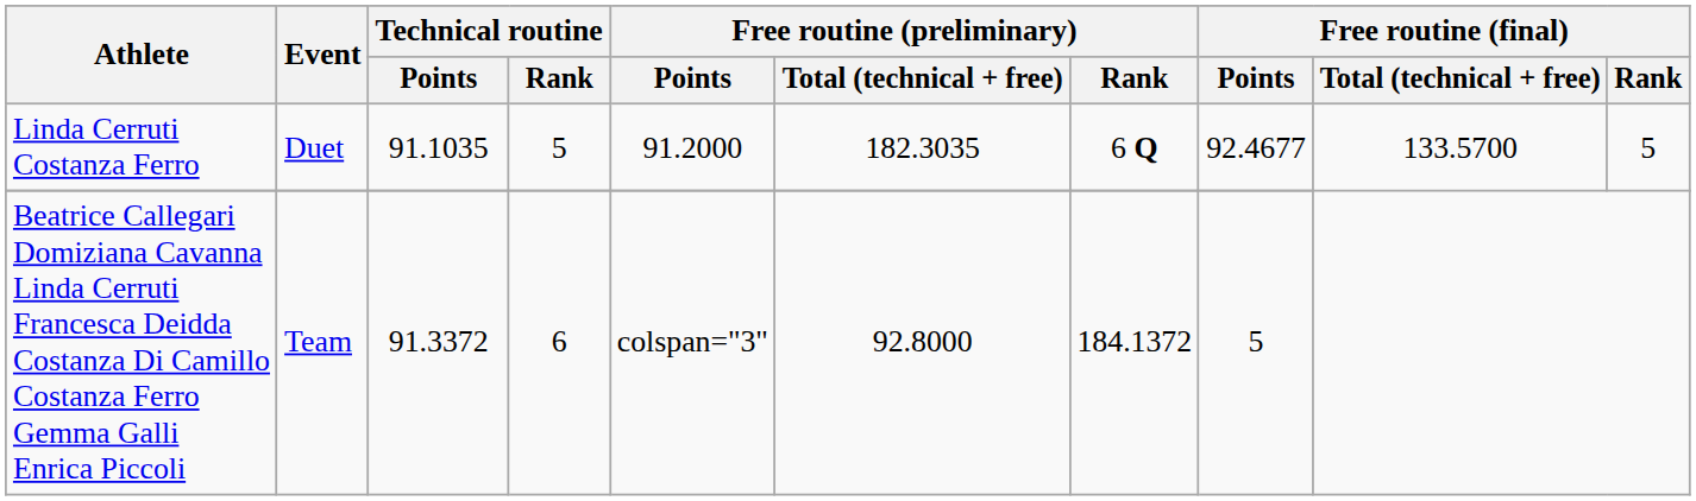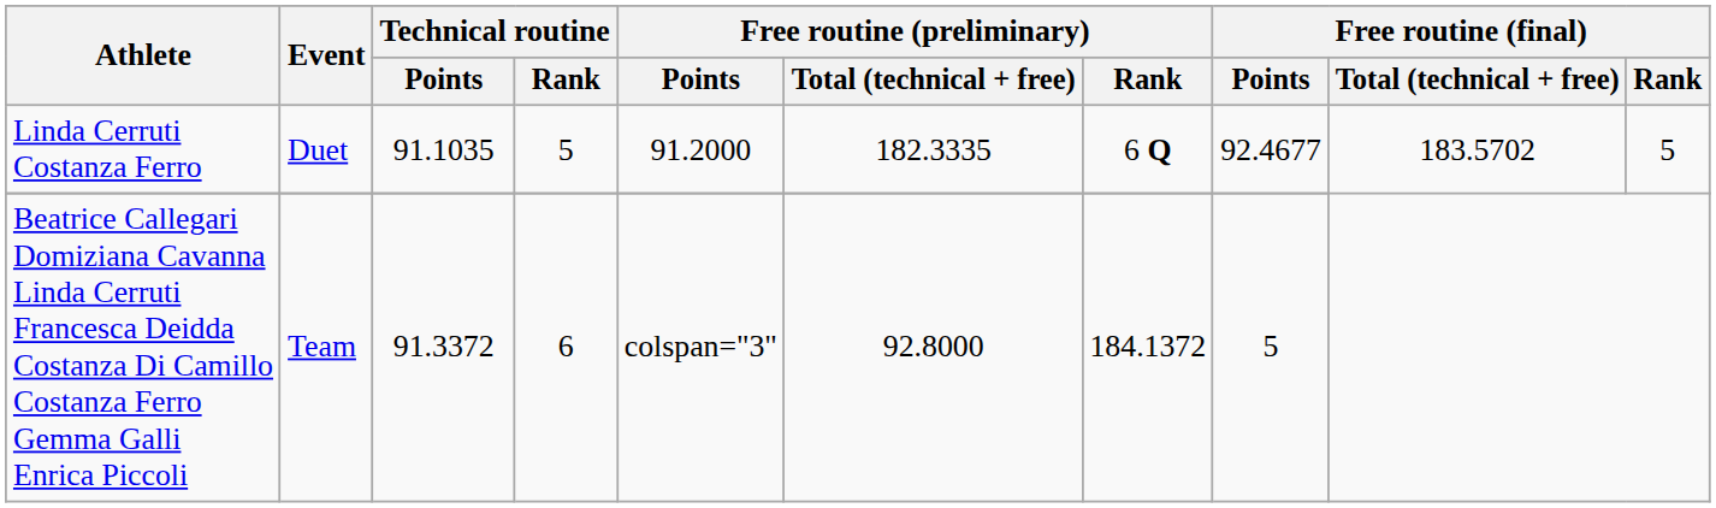 <table class="wikitable" style="font-size:90%">
 <tr>
 <th rowspan="2">Athlete</th>
 <th rowspan="2">Event</th>
 <th colspan=2>Technical routine</th>
 <th colspan=3>Free routine (preliminary)</th>
 <th colspan=3>Free routine (final)</th>
 </tr>
 <tr style="font-size:95%">
 <th>Points</th>
 <th>Rank</th>
 <th>Points</th>
 <th>Total (technical + free)</th>
 <th>Rank</th>
 <th>Points</th>
 <th>Total (technical + free)</th>
 <th>Rank</th>
 </tr>
 <tr align=center>
 <td align=left><a href='#'>Linda Cerruti</a><br><a href='#'>Costanza Ferro</a></td>
 <td align=left><a href='#'>Duet</a></td>
 <td>91.1035</td>
 <td>5</td>
 <td>91.2000</td>
-<td>182.3035</td>
+<td>182.3335</td>
 <td>6 <strong>Q</strong></td>
 <td>92.4677</td>
-<td>133.5700</td>
+<td>183.5702</td>
 <td>5</td>
 </tr>
 <tr>
 </tr>
 <tr align=center>
 <td align=left><a href='#'>Beatrice Callegari</a><br><a href='#'>Domiziana Cavanna</a><br><a href='#'>Linda Cerruti</a><br><a href='#'>Francesca Deidda</a><br><a href='#'>Costanza Di Camillo</a><br><a href='#'>Costanza Ferro</a><br><a href='#'>Gemma Galli</a><br><a href='#'>Enrica Piccoli</a></td>
 <td align=left><a href='#'>Team</a></td>
 <td>91.3372</td>
 <td>6</td>
 <td>colspan="3" </td>
 <td>92.8000</td>
 <td>184.1372</td>
 <td>5</td>
 </tr>
 </table>
